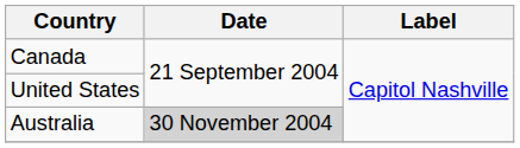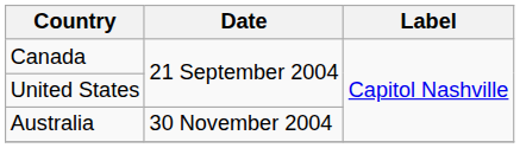 <table class="wikitable">
 <tr>
 <th>Country</th>
 <th>Date</th>
 <th>Label</th>
 </tr>
 <tr>
 <td>Canada</td>
 <td rowspan="2">21 September 2004</td>
 <td rowspan="3"><a href='#'>Capitol Nashville</a></td>
 </tr>
 <tr>
 <td>United States</td>
 </tr>
 <tr>
 <td>Australia</td>
-<td style="background: lightgrey;">30 November 2004</td>
+<td>30 November 2004</td>
 </tr>
 <tr>
 </tr>
 </table>
